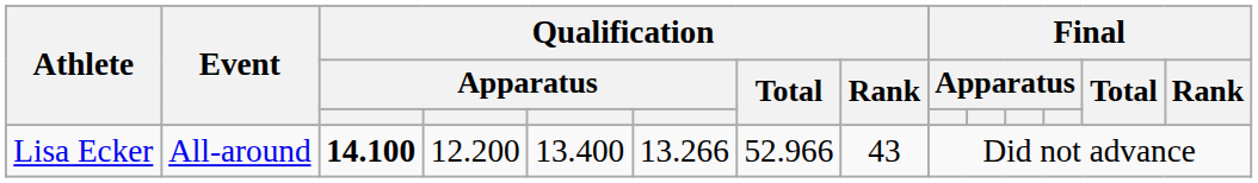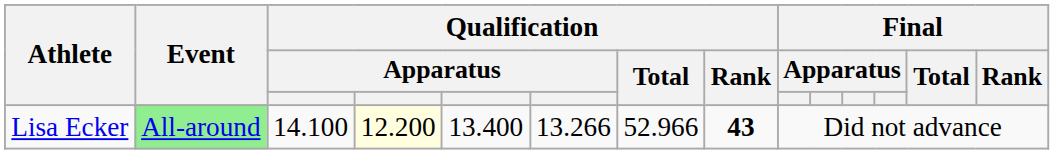 <table class="wikitable" style="font-size:90%">
 <tr>
 <th rowspan=3>Athlete</th>
 <th rowspan=3>Event</th>
 <th colspan=6>Qualification</th>
 <th colspan=6>Final</th>
 </tr>
 <tr style="font-size:95%">
 <th colspan=4>Apparatus</th>
 <th rowspan=2>Total</th>
 <th rowspan=2>Rank</th>
 <th colspan=4>Apparatus</th>
 <th rowspan=2>Total</th>
 <th rowspan=2>Rank</th>
 </tr>
 <tr style="font-size:95%">
 <th></th>
 <th></th>
 <th></th>
 <th></th>
 <th></th>
 <th></th>
 <th></th>
 <th></th>
 </tr>
 <tr align=center>
 <td align=left><a href='#'>Lisa Ecker</a></td>
-<td align=left><a href='#'>All-around</a></td>
-<td><strong>14.100</strong></td>
-<td>12.200</td>
+<td align=left style="background: lightgreen;"><a href='#'>All-around</a></td>
+<td>14.100</td>
+<td style="background: lightyellow;">12.200</td>
 <td>13.400</td>
 <td>13.266</td>
 <td>52.966</td>
-<td>43</td>
+<td><strong>43</strong></td>
 <td colspan=6>Did not advance</td>
 </tr>
 </table>
